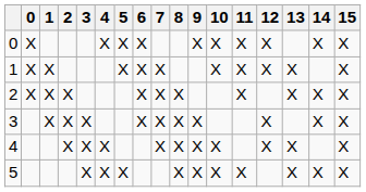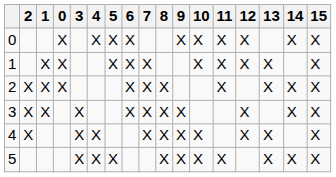 <table class="wikitable">
 <tr>
 <th></th>
+<th>2</th>
+<th>1</th>
 <th>0</th>
-<th>1</th>
-<th>2</th>
 <th>3</th>
 <th>4</th>
 <th>5</th>
 <th>6</th>
 <th>7</th>
 <th>8</th>
 <th>9</th>
 <th>10</th>
 <th>11</th>
 <th>12</th>
 <th>13</th>
 <th>14</th>
 <th>15</th>
 </tr>
 <tr>
 <td>0</td>
-<td>X</td>
 <td></td>
 <td></td>
+<td>X</td>
 <td></td>
 <td>X</td>
 <td>X</td>
 <td>X</td>
 <td></td>
 <td></td>
 <td>X</td>
 <td>X</td>
 <td>X</td>
 <td>X</td>
 <td></td>
 <td>X</td>
 <td>X</td>
 </tr>
 <tr>
 <td>1</td>
+<td></td>
 <td>X</td>
 <td>X</td>
-<td></td>
 <td></td>
 <td></td>
 <td>X</td>
 <td>X</td>
 <td>X</td>
 <td></td>
 <td></td>
 <td>X</td>
 <td>X</td>
 <td>X</td>
 <td>X</td>
 <td></td>
 <td>X</td>
 </tr>
 <tr>
 <td>2</td>
 <td>X</td>
 <td>X</td>
 <td>X</td>
 <td></td>
 <td></td>
 <td></td>
 <td>X</td>
 <td>X</td>
 <td>X</td>
 <td></td>
 <td></td>
 <td>X</td>
 <td></td>
 <td>X</td>
 <td>X</td>
 <td>X</td>
 </tr>
 <tr>
 <td>3</td>
-<td></td>
 <td>X</td>
 <td>X</td>
+<td></td>
 <td>X</td>
 <td></td>
 <td></td>
 <td>X</td>
 <td>X</td>
 <td>X</td>
 <td>X</td>
 <td></td>
 <td></td>
 <td>X</td>
 <td></td>
 <td>X</td>
 <td>X</td>
 </tr>
 <tr>
 <td>4</td>
+<td>X</td>
 <td></td>
 <td></td>
-<td>X</td>
 <td>X</td>
 <td>X</td>
 <td></td>
 <td></td>
 <td>X</td>
 <td>X</td>
 <td>X</td>
 <td>X</td>
 <td></td>
 <td>X</td>
 <td>X</td>
 <td></td>
 <td>X</td>
 </tr>
 <tr>
 <td>5</td>
 <td></td>
 <td></td>
 <td></td>
 <td>X</td>
 <td>X</td>
 <td>X</td>
 <td></td>
 <td></td>
 <td>X</td>
 <td>X</td>
 <td>X</td>
 <td>X</td>
 <td></td>
 <td>X</td>
 <td>X</td>
 <td>X</td>
 </tr>
 </table>
